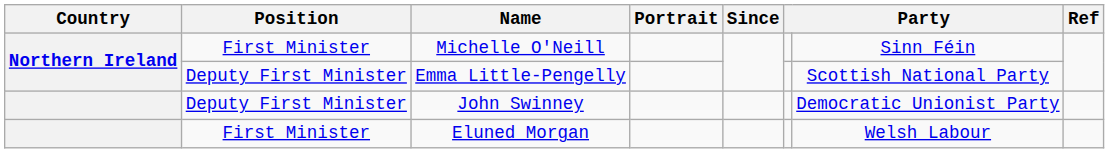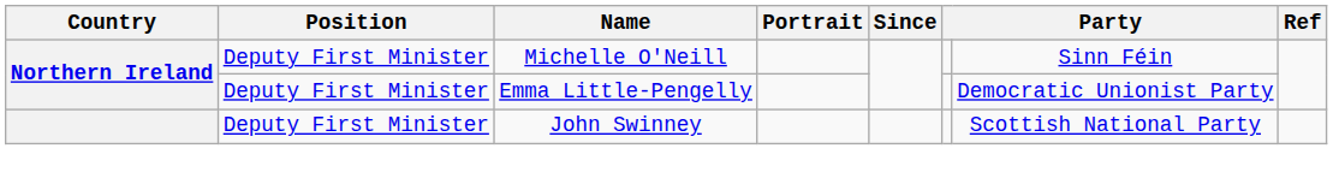 <table class="wikitable sortable plainrowheaders" style="text-align:center;">
 <tr>
 <th>Country</th>
 <th>Position</th>
 <th>Name</th>
 <th class=unsortable>Portrait</th>
 <th>Since</th>
 <th colspan=2>Party</th>
 <th class=unsortable>Ref</th>
 </tr>
 <tr>
 <th scope=row rowspan=2> <a href='#'>Northern Ireland</a></th>
-<td><a href='#'>First Minister</a></td>
+<td><a href='#'>Deputy First Minister</a></td>
 <td><a href='#'>Michelle O'Neill</a></td>
 <td></td>
 <td rowspan=2></td>
 <td style="color:inherit;background:"></td>
 <td><a href='#'>Sinn Féin</a></td>
 <td rowspan=2></td>
 </tr>
 <tr>
 <td><a href='#'>Deputy First Minister</a></td>
 <td><a href='#'>Emma Little-Pengelly</a></td>
 <td></td>
 <td style="color:inherit;background:"></td>
-<td><a href='#'>Scottish National Party</a></td>
+<td><a href='#'>Democratic Unionist Party</a></td>
 </tr>
 <tr>
 <th scope=row></th>
 <td><a href='#'>Deputy First Minister</a></td>
 <td><a href='#'>John Swinney</a></td>
 <td></td>
 <td></td>
 <td style="color:inherit;background:"></td>
-<td><a href='#'>Democratic Unionist Party</a></td>
-<td></td>
-</tr>
-<tr>
-<th scope=row></th>
-<td><a href='#'>First Minister</a></td>
-<td><a href='#'>Eluned Morgan</a></td>
-<td></td>
-<td></td>
-<td style="color:inherit;background:"></td>
-<td><a href='#'>Welsh Labour</a></td>
+<td><a href='#'>Scottish National Party</a></td>
 <td></td>
 </tr>
 </table>
